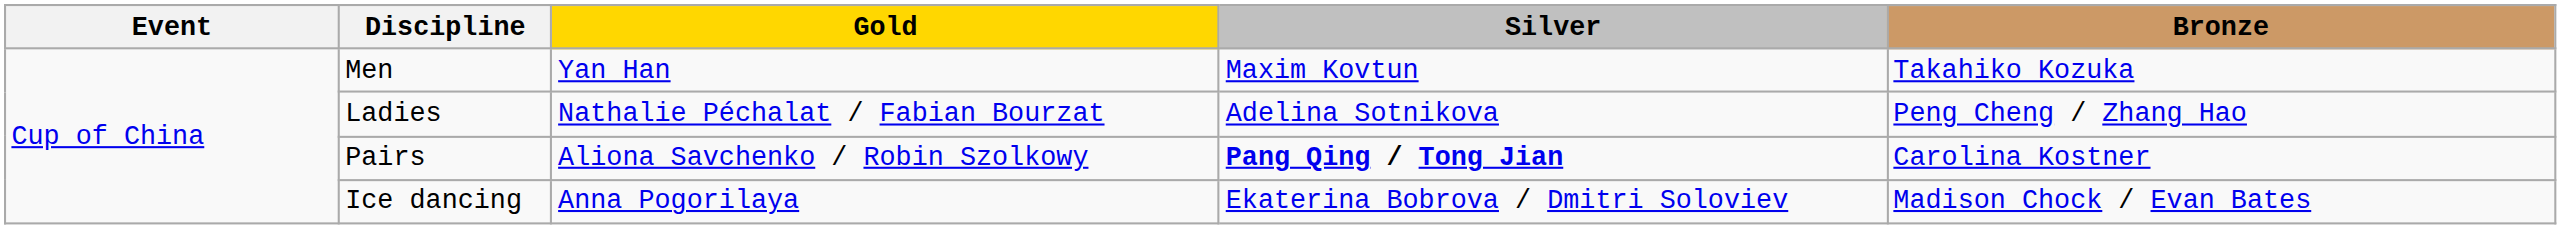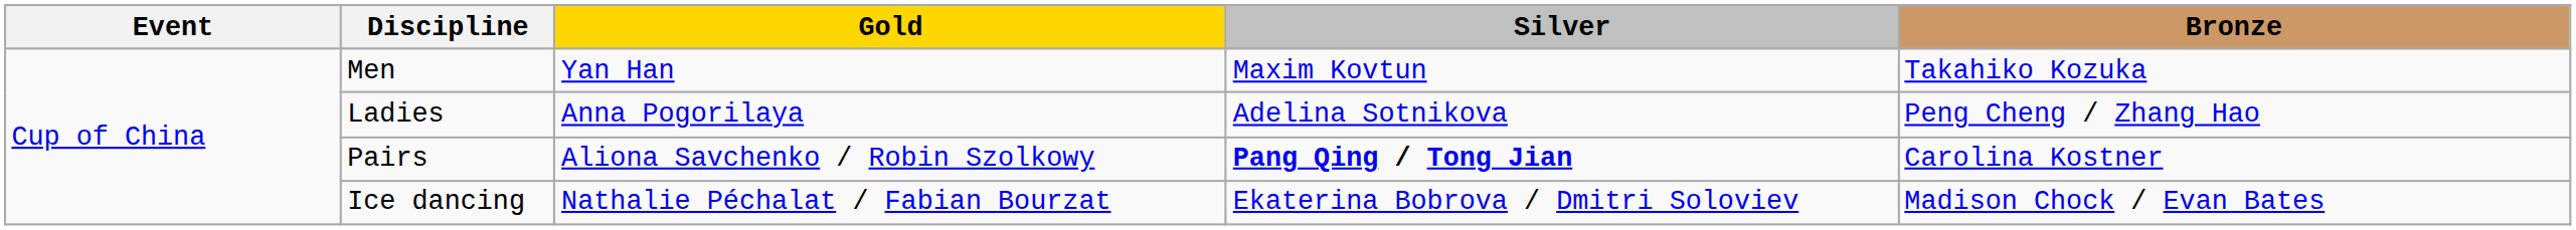 <table class="wikitable" style="width:98%;">
 <tr>
 <th style="width:10%;">Event</th>
 <th style="width:5%;">Discipline</th>
 <td style="text-align:center; width:20%; background:gold;"><strong>Gold</strong></td>
 <td style="text-align:center; width:20%; background:silver;"><strong>Silver</strong></td>
 <td style="text-align:center; width:20%; background:#c96;"><strong>Bronze</strong></td>
 </tr>
 <tr>
 <td rowspan=4><a href='#'>Cup of China</a></td>
 <td>Men</td>
 <td> <a href='#'>Yan Han</a></td>
 <td> <a href='#'>Maxim Kovtun</a></td>
 <td> <a href='#'>Takahiko Kozuka</a></td>
 </tr>
 <tr>
 <td>Ladies</td>
-<td> <a href='#'>Nathalie Péchalat</a> / <a href='#'>Fabian Bourzat</a></td>
+<td> <a href='#'>Anna Pogorilaya</a></td>
 <td> <a href='#'>Adelina Sotnikova</a></td>
 <td> <a href='#'>Peng Cheng</a> / <a href='#'>Zhang Hao</a></td>
 </tr>
 <tr>
 <td>Pairs</td>
 <td> <a href='#'>Aliona Savchenko</a> / <a href='#'>Robin Szolkowy</a></td>
 <td><strong> <a href='#'>Pang Qing</a> / <a href='#'>Tong Jian</a></strong></td>
 <td> <a href='#'>Carolina Kostner</a></td>
 </tr>
 <tr>
 <td>Ice dancing</td>
-<td> <a href='#'>Anna Pogorilaya</a></td>
+<td> <a href='#'>Nathalie Péchalat</a> / <a href='#'>Fabian Bourzat</a></td>
 <td> <a href='#'>Ekaterina Bobrova</a> / <a href='#'>Dmitri Soloviev</a></td>
 <td> <a href='#'>Madison Chock</a> / <a href='#'>Evan Bates</a></td>
 </tr>
 </table>
